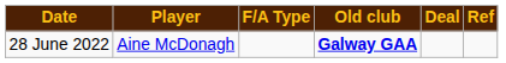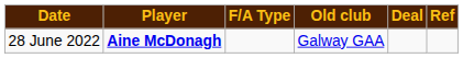 <table class="wikitable" style="text-align:center">
 <tr>
 <th style="background: #4D2004; color: #FBBF15">Date</th>
 <th style="background: #4D2004; color: #FBBF15">Player</th>
 <th style="background: #4D2004; color: #FBBF15">F/A Type</th>
 <th style="background: #4D2004; color: #FBBF15">Old club</th>
 <th style="background: #4D2004; color: #FBBF15">Deal</th>
 <th style="background: #4D2004; color: #FBBF15">Ref</th>
 </tr>
 <tr>
 <td>28 June 2022</td>
-<td><a href='#'>Aine McDonagh</a></td>
+<td><strong><a href='#'>Aine McDonagh</a></strong></td>
 <td></td>
-<td><strong><a href='#'>Galway GAA</a></strong></td>
+<td><a href='#'>Galway GAA</a></td>
 <td></td>
 </tr>
 </table>
